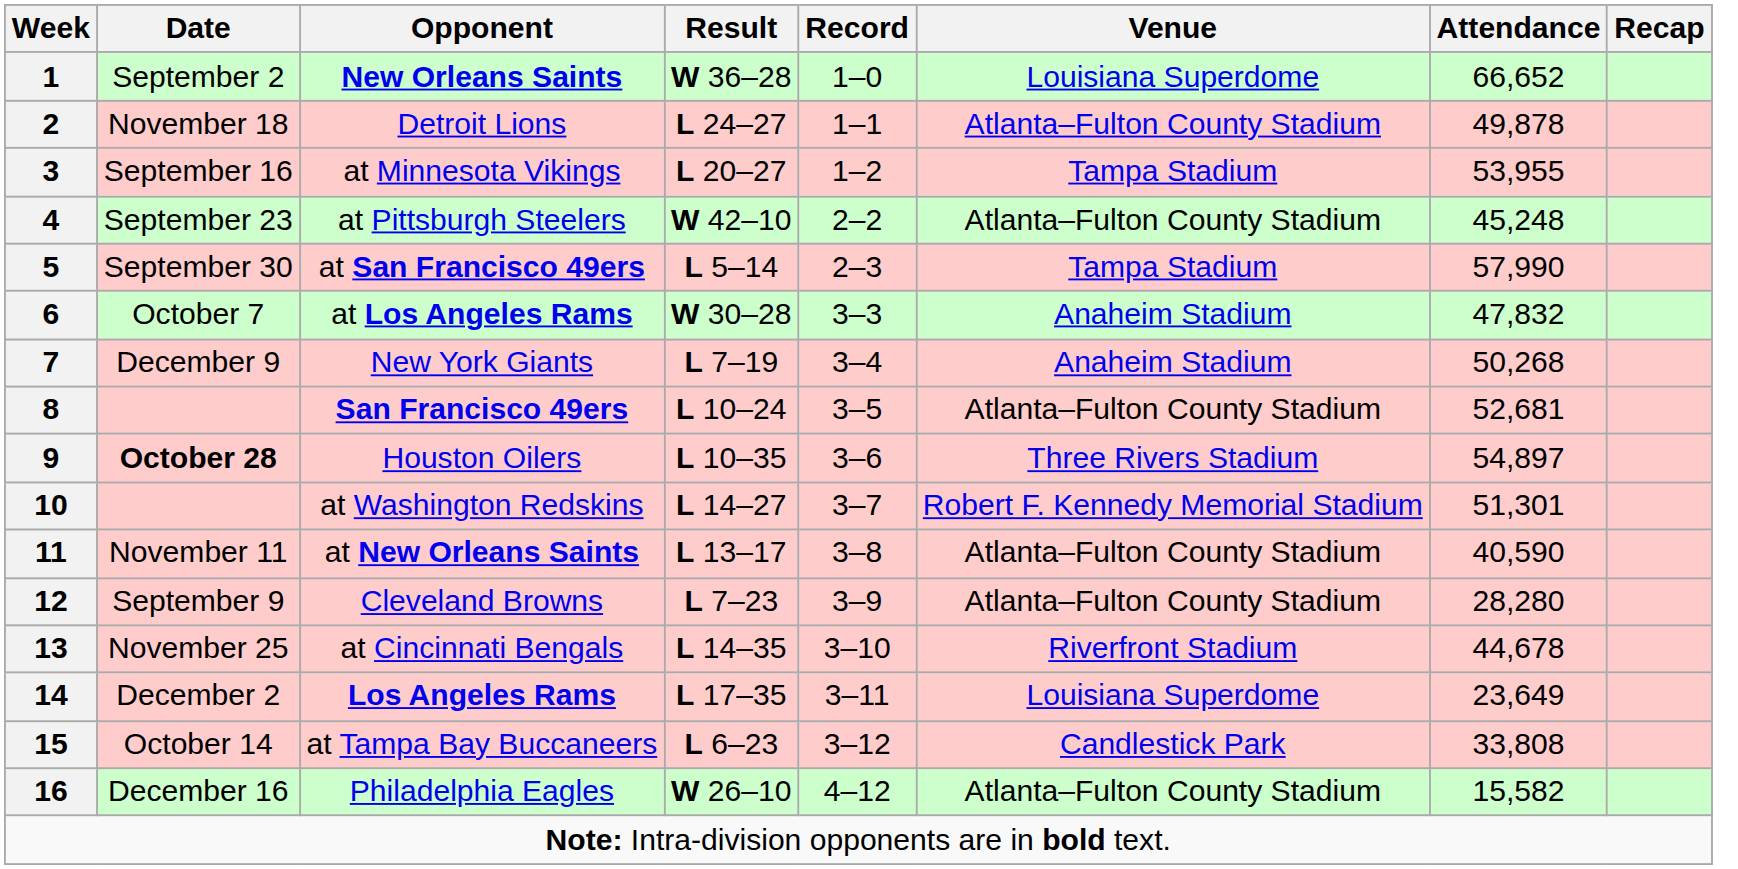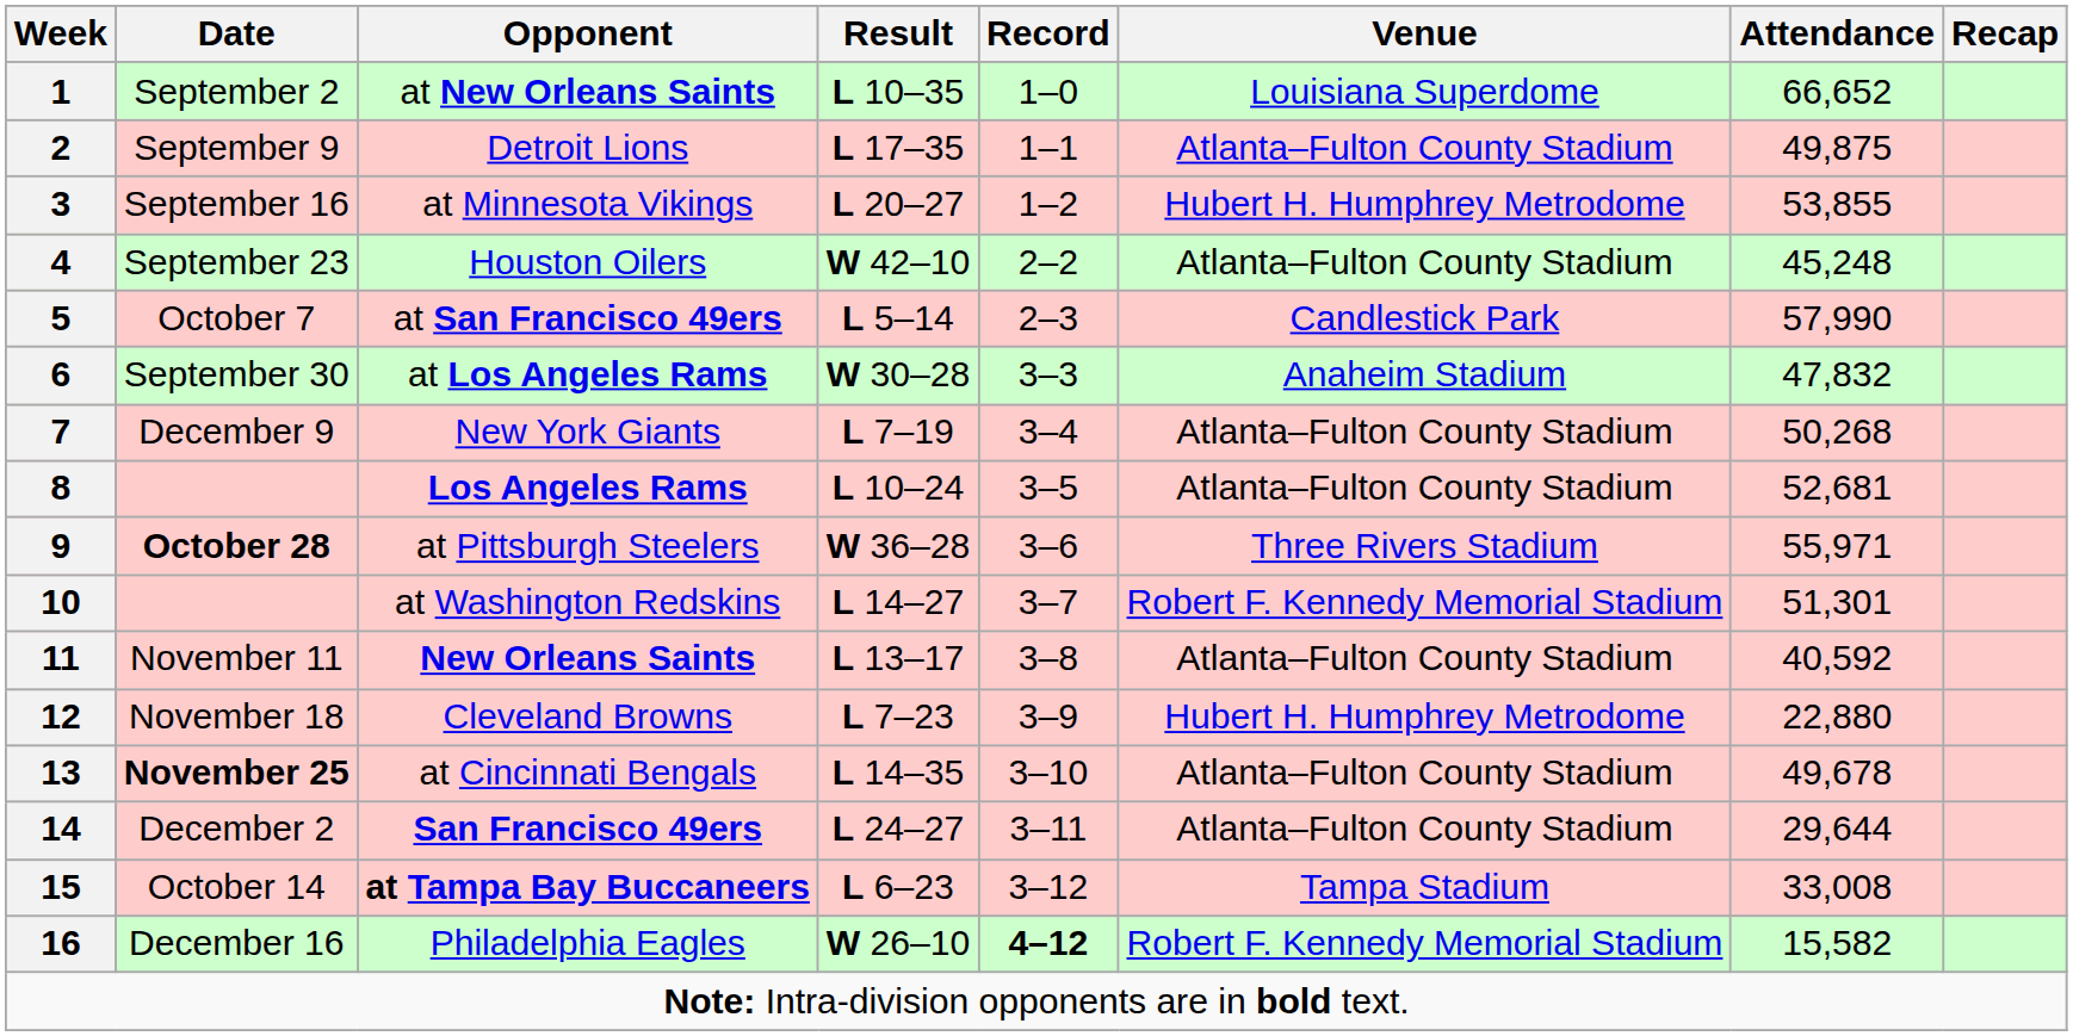 <table class="wikitable" style="text-align:center">
 <tr>
 <th>Week</th>
 <th>Date</th>
 <th>Opponent</th>
 <th>Result</th>
 <th>Record</th>
 <th>Venue</th>
 <th>Attendance</th>
 <th>Recap</th>
 </tr>
 <tr style="background:#cfc">
 <th>1</th>
 <td>September 2</td>
-<td><strong><a href='#'>New Orleans Saints</a></strong></td>
-<td><strong>W</strong> 36–28</td>
+<td>at <strong><a href='#'>New Orleans Saints</a></strong></td>
+<td><strong>L</strong> 10–35</td>
 <td>1–0</td>
 <td><a href='#'>Louisiana Superdome</a></td>
 <td>66,652</td>
 <td></td>
 </tr>
 <tr style="background:#fcc">
 <th>2</th>
-<td>November 18</td>
+<td>September 9</td>
 <td><a href='#'>Detroit Lions</a></td>
-<td><strong>L</strong>  24–27 </td>
+<td><strong>L</strong> 17–35</td>
 <td>1–1</td>
 <td><a href='#'>Atlanta–Fulton County Stadium</a></td>
-<td>49,878</td>
+<td>49,875</td>
 <td></td>
 </tr>
 <tr style="background:#fcc">
 <th>3</th>
 <td>September 16</td>
 <td>at <a href='#'>Minnesota Vikings</a></td>
 <td><strong>L</strong> 20–27</td>
 <td>1–2</td>
-<td><a href='#'>Tampa Stadium</a></td>
-<td>53,955</td>
+<td><a href='#'>Hubert H. Humphrey Metrodome</a></td>
+<td>53,855</td>
 <td></td>
 </tr>
 <tr style="background:#cfc">
 <th>4</th>
 <td>September 23</td>
-<td>at <a href='#'>Pittsburgh Steelers</a></td>
+<td><a href='#'>Houston Oilers</a></td>
 <td><strong>W</strong> 42–10</td>
 <td>2–2</td>
 <td>Atlanta–Fulton County Stadium</td>
 <td>45,248</td>
 <td></td>
 </tr>
 <tr style="background:#fcc">
 <th>5</th>
-<td>September 30</td>
+<td>October 7</td>
 <td>at <strong><a href='#'>San Francisco 49ers</a></strong></td>
 <td><strong>L</strong> 5–14</td>
 <td>2–3</td>
-<td><a href='#'>Tampa Stadium</a></td>
+<td><a href='#'>Candlestick Park</a></td>
 <td>57,990</td>
 <td></td>
 </tr>
 <tr style="background:#cfc">
 <th>6</th>
-<td>October 7</td>
+<td>September 30</td>
 <td>at <strong><a href='#'>Los Angeles Rams</a></strong></td>
 <td><strong>W</strong> 30–28</td>
 <td>3–3</td>
 <td><a href='#'>Anaheim Stadium</a></td>
 <td>47,832</td>
 <td></td>
 </tr>
 <tr style="background:#fcc">
 <th>7</th>
 <td>December 9</td>
 <td><a href='#'>New York Giants</a></td>
 <td><strong>L</strong> 7–19</td>
 <td>3–4</td>
-<td><a href='#'>Anaheim Stadium</a></td>
+<td>Atlanta–Fulton County Stadium</td>
 <td>50,268</td>
 <td></td>
 </tr>
 <tr style="background:#fcc">
 <th>8</th>
 <td></td>
-<td><strong><a href='#'>San Francisco 49ers</a></strong></td>
+<td><strong><a href='#'>Los Angeles Rams</a></strong></td>
 <td><strong>L</strong> 10–24</td>
 <td>3–5</td>
 <td>Atlanta–Fulton County Stadium</td>
 <td>52,681</td>
 <td></td>
 </tr>
 <tr style="background:#fcc">
 <th>9</th>
 <td><strong>October 28</strong></td>
-<td><a href='#'>Houston Oilers</a></td>
-<td><strong>L</strong> 10–35</td>
+<td>at <a href='#'>Pittsburgh Steelers</a></td>
+<td><strong>W</strong> 36–28</td>
 <td>3–6</td>
 <td><a href='#'>Three Rivers Stadium</a></td>
-<td>54,897</td>
+<td>55,971</td>
 <td></td>
 </tr>
 <tr style="background:#fcc">
 <th>10</th>
 <td></td>
 <td>at <a href='#'>Washington Redskins</a></td>
 <td><strong>L</strong> 14–27</td>
 <td>3–7</td>
 <td><a href='#'>Robert F. Kennedy Memorial Stadium</a></td>
 <td>51,301</td>
 <td></td>
 </tr>
 <tr style="background:#fcc">
 <th>11</th>
 <td>November 11</td>
-<td>at <strong><a href='#'>New Orleans Saints</a></strong></td>
+<td><strong><a href='#'>New Orleans Saints</a></strong></td>
 <td><strong>L</strong> 13–17</td>
 <td>3–8</td>
 <td>Atlanta–Fulton County Stadium</td>
-<td>40,590</td>
+<td>40,592</td>
 <td></td>
 </tr>
 <tr style="background:#fcc">
 <th>12</th>
-<td>September 9</td>
+<td>November 18</td>
 <td><a href='#'>Cleveland Browns</a></td>
 <td><strong>L</strong> 7–23</td>
 <td>3–9</td>
-<td>Atlanta–Fulton County Stadium</td>
-<td>28,280</td>
+<td><a href='#'>Hubert H. Humphrey Metrodome</a></td>
+<td>22,880</td>
 <td></td>
 </tr>
 <tr style="background:#fcc">
 <th>13</th>
-<td>November 25</td>
+<td><strong>November 25</strong></td>
 <td>at <a href='#'>Cincinnati Bengals</a></td>
 <td><strong>L</strong> 14–35</td>
 <td>3–10</td>
-<td><a href='#'>Riverfront Stadium</a></td>
-<td>44,678</td>
+<td>Atlanta–Fulton County Stadium</td>
+<td>49,678</td>
 <td></td>
 </tr>
 <tr style="background:#fcc">
 <th>14</th>
 <td>December 2</td>
-<td><strong><a href='#'>Los Angeles Rams</a></strong></td>
-<td><strong>L</strong> 17–35</td>
+<td><strong><a href='#'>San Francisco 49ers</a></strong></td>
+<td><strong>L</strong>  24–27 </td>
 <td>3–11</td>
-<td><a href='#'>Louisiana Superdome</a></td>
-<td>23,649</td>
+<td>Atlanta–Fulton County Stadium</td>
+<td>29,644</td>
 <td></td>
 </tr>
 <tr style="background:#fcc">
 <th>15</th>
 <td>October 14</td>
-<td>at <a href='#'>Tampa Bay Buccaneers</a></td>
+<td><strong>at <a href='#'>Tampa Bay Buccaneers</a></strong></td>
 <td><strong>L</strong> 6–23</td>
 <td>3–12</td>
-<td><a href='#'>Candlestick Park</a></td>
-<td>33,808</td>
+<td><a href='#'>Tampa Stadium</a></td>
+<td>33,008</td>
 <td></td>
 </tr>
 <tr style="background:#cfc">
 <th>16</th>
 <td>December 16</td>
 <td><a href='#'>Philadelphia Eagles</a></td>
 <td><strong>W</strong> 26–10</td>
-<td>4–12</td>
-<td>Atlanta–Fulton County Stadium</td>
+<td><strong>4–12</strong></td>
+<td><a href='#'>Robert F. Kennedy Memorial Stadium</a></td>
 <td>15,582</td>
 <td></td>
 </tr>
 <tr>
 <td colspan="8"><strong>Note:</strong> Intra-division opponents are in <strong>bold</strong> text.</td>
 </tr>
 </table>
